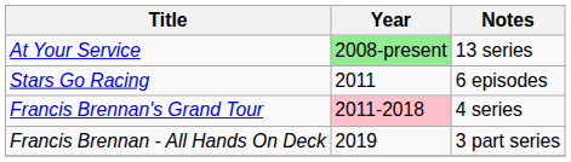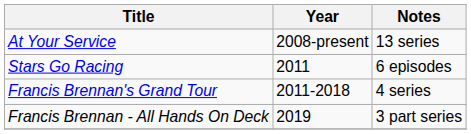 <table class="wikitable plainrowheaders sortable">
 <tr>
 <th scope="col">Title</th>
 <th scope="col">Year</th>
 <th scope="col">Notes</th>
 </tr>
 <tr>
 <td><em><a href='#'>At Your Service</a></em></td>
-<td style="background: lightgreen;">2008-present</td>
+<td>2008-present</td>
 <td>13 series</td>
 </tr>
 <tr>
 <td><em><a href='#'>Stars Go Racing</a></em></td>
 <td>2011</td>
 <td>6 episodes</td>
 </tr>
 <tr>
 <td><em><a href='#'>Francis Brennan's Grand Tour</a></em></td>
-<td style="background: pink;">2011-2018</td>
+<td>2011-2018</td>
 <td>4 series</td>
 </tr>
 <tr>
 <td><em>Francis Brennan - All Hands On Deck</em></td>
 <td>2019</td>
 <td>3 part series</td>
 </tr>
 <tr>
 </tr>
 </table>
